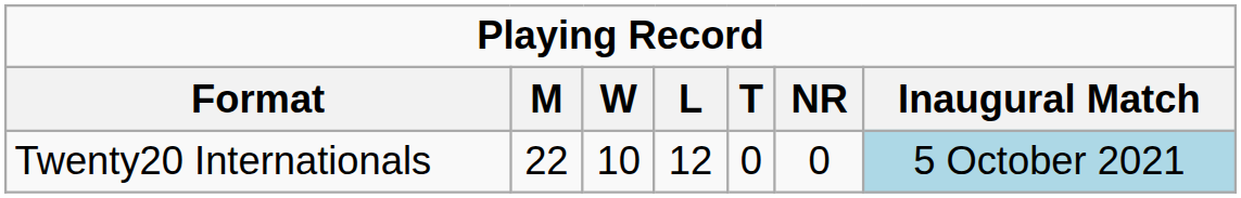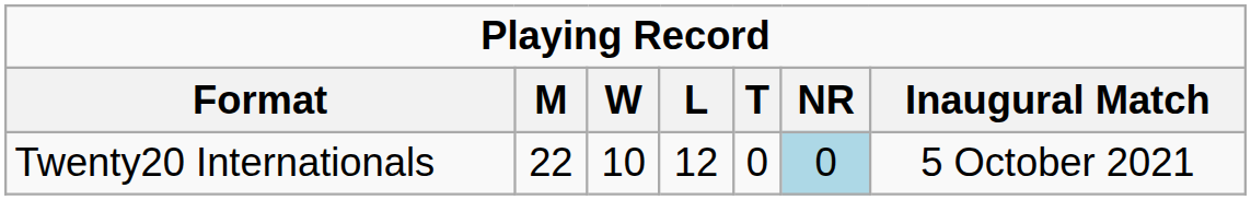 <table class="wikitable" style="text-align: center; width: 500px;">
 <tr>
 <td colspan=7 align="center"><strong>Playing Record</strong></td>
 </tr>
 <tr>
 <th>Format</th>
 <th>M</th>
 <th>W</th>
 <th>L</th>
 <th>T</th>
 <th>NR</th>
 <th>Inaugural Match</th>
 </tr>
 <tr>
 <td align="left">Twenty20 Internationals</td>
 <td>22</td>
 <td>10</td>
 <td>12</td>
 <td>0</td>
-<td>0</td>
-<td style="background: lightblue;">5 October 2021</td>
+<td style="background: lightblue;">0</td>
+<td>5 October 2021</td>
 </tr>
 </table>
